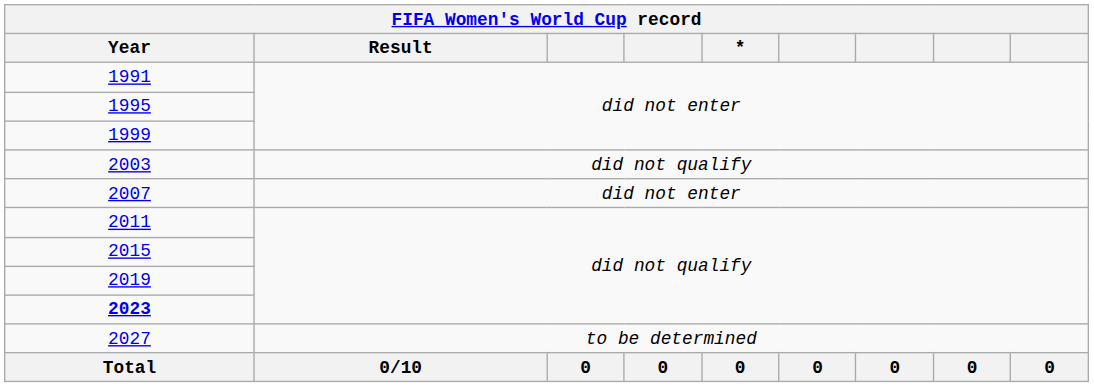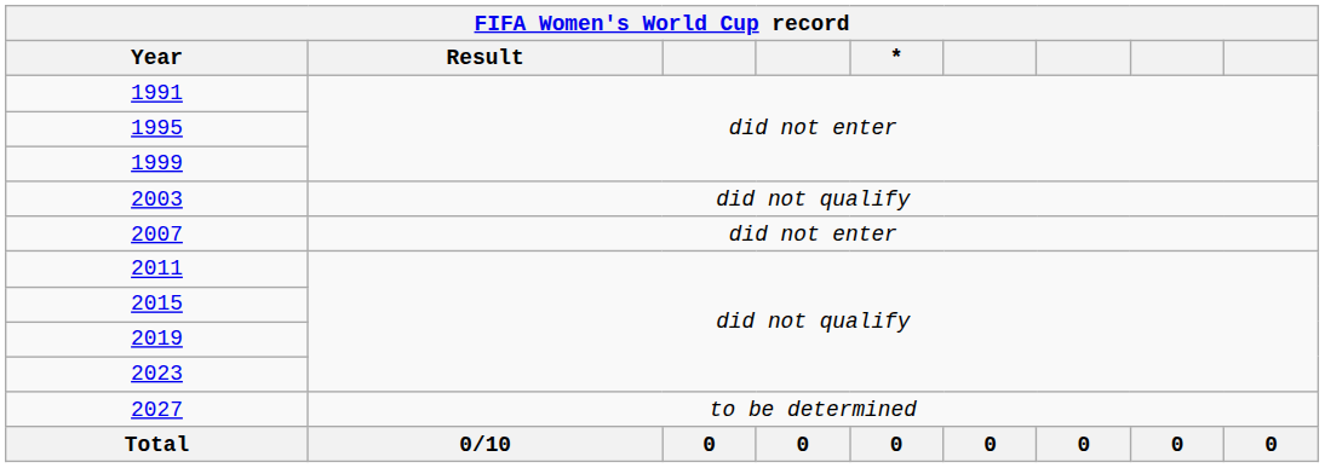 <table class="wikitable" style="text-align: center; width:50%;">
 <tr>
 <th colspan=10><a href='#'>FIFA Women's World Cup</a> record</th>
 </tr>
 <tr>
 <th>Year</th>
 <th>Result</th>
 <th></th>
 <th></th>
 <th>*</th>
 <th></th>
 <th></th>
 <th></th>
 <th></th>
 </tr>
 <tr>
 <td> <a href='#'>1991</a></td>
 <td rowspan=3 colspan=8><em>did not enter</em></td>
 </tr>
 <tr>
 <td> <a href='#'>1995</a></td>
 </tr>
 <tr>
 <td> <a href='#'>1999</a></td>
 </tr>
 <tr>
 <td> <a href='#'>2003</a></td>
 <td colspan=8><em>did not qualify</em></td>
 </tr>
 <tr>
 <td> <a href='#'>2007</a></td>
 <td colspan=8><em>did not enter</em></td>
 </tr>
 <tr>
 <td> <a href='#'>2011</a></td>
 <td rowspan=4 colspan=8><em>did not qualify</em></td>
 </tr>
 <tr>
 <td> <a href='#'>2015</a></td>
 </tr>
 <tr>
 <td> <a href='#'>2019</a></td>
 </tr>
 <tr>
-<td><strong> <a href='#'>2023</a></strong></td>
+<td> <a href='#'>2023</a></td>
 </tr>
 <tr>
 <td> <a href='#'>2027</a></td>
 <td colspan=8><em>to be determined</em></td>
 </tr>
 <tr>
 <th>Total</th>
 <th>0/10</th>
 <th>0</th>
 <th>0</th>
 <th>0</th>
 <th>0</th>
 <th>0</th>
 <th>0</th>
 <th>0</th>
 </tr>
 </table>
